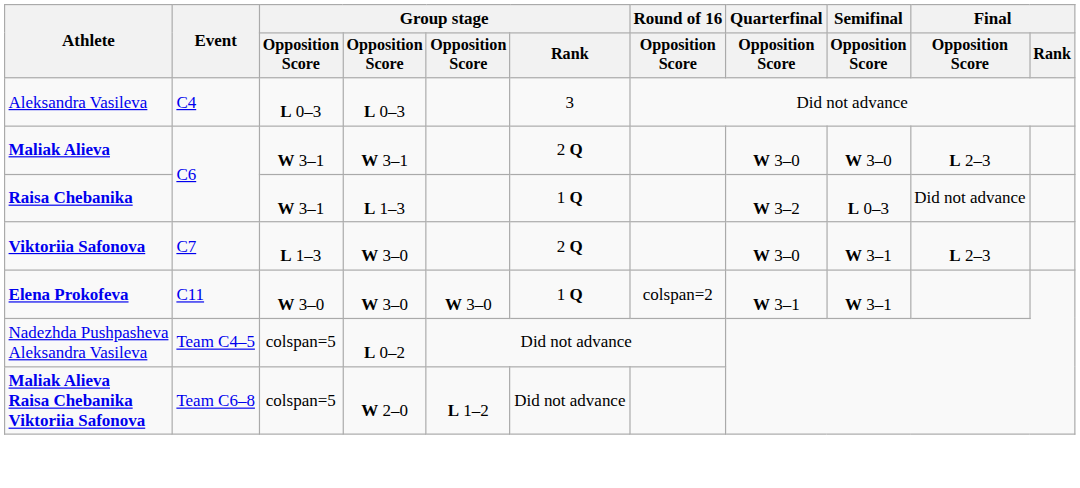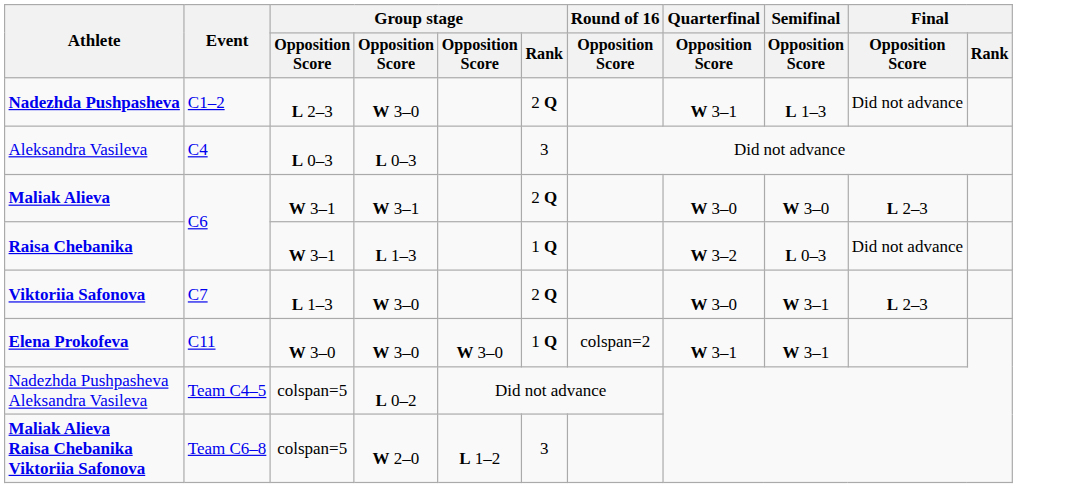 <table class="wikitable" style="text-align:center; font-size:90%">
 <tr>
 <th rowspan=2>Athlete</th>
 <th rowspan=2>Event</th>
 <th colspan=4>Group stage</th>
 <th>Round of 16</th>
 <th>Quarterfinal</th>
 <th>Semifinal</th>
 <th colspan=2>Final</th>
 </tr>
 <tr style="font-size:95%">
 <th>Opposition<br>Score</th>
 <th>Opposition<br>Score</th>
 <th>Opposition<br>Score</th>
 <th>Rank</th>
 <th>Opposition<br>Score</th>
 <th>Opposition<br>Score</th>
 <th>Opposition<br>Score</th>
 <th>Opposition<br>Score</th>
 <th>Rank</th>
+</tr>
+<tr>
+<td align=left><strong><a href='#'>Nadezhda Pushpasheva</a></strong></td>
+<td align=left><a href='#'>C1–2</a></td>
+<td><br><strong>L</strong> 2–3</td>
+<td><br><strong>W</strong> 3–0</td>
+<td></td>
+<td>2 <strong>Q</strong></td>
+<td></td>
+<td><br><strong>W</strong> 3–1</td>
+<td><br><strong>L</strong> 1–3</td>
+<td>Did not advance</td>
+<td></td>
 </tr>
 <tr>
 <td align=left><a href='#'>Aleksandra Vasileva</a></td>
 <td align=left><a href='#'>C4</a></td>
 <td><br><strong>L</strong> 0–3</td>
 <td><br><strong>L</strong> 0–3</td>
 <td></td>
 <td>3</td>
 <td colspan=5>Did not advance</td>
 </tr>
 <tr>
 <td align=left><strong><a href='#'>Maliak Alieva</a></strong></td>
 <td rowspan=2 align=left><a href='#'>C6</a></td>
 <td><br><strong>W</strong> 3–1</td>
 <td><br><strong>W</strong> 3–1</td>
 <td></td>
 <td>2 <strong>Q</strong></td>
 <td></td>
 <td><br><strong>W</strong> 3–0</td>
 <td><br><strong>W</strong> 3–0</td>
 <td><br><strong>L</strong> 2–3</td>
 <td></td>
 </tr>
 <tr>
 <td align=left><strong><a href='#'>Raisa Chebanika</a></strong></td>
 <td><br><strong>W</strong> 3–1</td>
 <td><br><strong>L</strong> 1–3</td>
 <td></td>
 <td>1 <strong>Q</strong></td>
 <td></td>
 <td><br><strong>W</strong> 3–2</td>
 <td><br><strong>L</strong> 0–3</td>
 <td>Did not advance</td>
 <td></td>
 </tr>
 <tr>
 <td align=left><strong><a href='#'>Viktoriia Safonova</a></strong></td>
 <td align=left><a href='#'>C7</a></td>
 <td><br><strong>L</strong> 1–3</td>
 <td><br><strong>W</strong> 3–0</td>
 <td></td>
 <td>2 <strong>Q</strong></td>
 <td></td>
 <td><br><strong>W</strong> 3–0</td>
 <td><br><strong>W</strong> 3–1</td>
 <td><br><strong>L</strong> 2–3</td>
 <td></td>
 </tr>
 <tr>
 <td align=left><strong><a href='#'>Elena Prokofeva</a></strong></td>
 <td align=left><a href='#'>C11</a></td>
 <td><br><strong>W</strong> 3–0</td>
 <td><br><strong>W</strong> 3–0</td>
 <td><br><strong>W</strong> 3–0</td>
 <td>1 <strong>Q</strong></td>
 <td>colspan=2 </td>
 <td><br><strong>W</strong> 3–1</td>
 <td><br><strong>W</strong> 3–1</td>
 <td></td>
 </tr>
 <tr>
 <td align=left><a href='#'>Nadezhda Pushpasheva</a><br><a href='#'>Aleksandra Vasileva</a></td>
 <td align=left><a href='#'>Team C4–5</a></td>
 <td>colspan=5 </td>
 <td><br><strong>L</strong> 0–2</td>
 <td colspan=3>Did not advance</td>
 </tr>
 <tr>
 <td align=left><strong><a href='#'>Maliak Alieva</a><br><a href='#'>Raisa Chebanika</a><br><a href='#'>Viktoriia Safonova</a></strong></td>
 <td align=left><a href='#'>Team C6–8</a></td>
 <td>colspan=5 </td>
 <td><br><strong>W</strong> 2–0</td>
 <td><br><strong>L</strong> 1–2</td>
-<td>Did not advance</td>
+<td>3</td>
 <td></td>
 </tr>
 </table>
